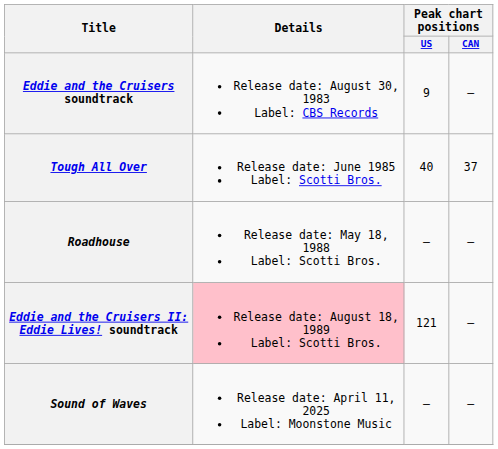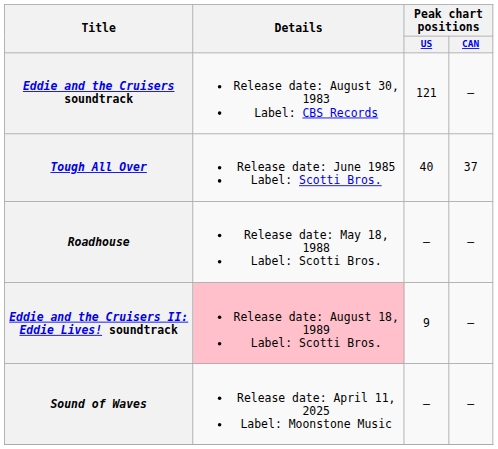 <table class="wikitable plainrowheaders" style="text-align:center;">
 <tr>
 <th rowspan="2" style="width:16em;">Title</th>
 <th rowspan="2" style="width:18em;">Details</th>
 <th colspan="2">Peak chart<br>positions</th>
 </tr>
 <tr style="font-size:smaller;">
 <th width="45"><a href='#'>US</a><br></th>
 <th width="45"><a href='#'>CAN</a><br></th>
 </tr>
 <tr>
 <th scope="row"><em><a href='#'>Eddie and the Cruisers</a></em> soundtrack</th>
 <td><br><ul><li>Release date: August 30, 1983</li><li>Label: <a href='#'>CBS Records</a></li></ul></td>
-<td>9</td>
+<td>121</td>
 <td>—</td>
 </tr>
 <tr>
 <th scope="row"><em><a href='#'>Tough All Over</a></em></th>
 <td><br><ul><li>Release date: June 1985</li><li>Label: <a href='#'>Scotti Bros.</a></li></ul></td>
 <td>40</td>
 <td>37</td>
 </tr>
 <tr>
 <th scope="row"><em>Roadhouse</em></th>
 <td><br><ul><li>Release date: May 18, 1988</li><li>Label: Scotti Bros.</li></ul></td>
 <td>—</td>
 <td>—</td>
 </tr>
 <tr>
 <th scope="row"><em><a href='#'>Eddie and the Cruisers II: Eddie Lives!</a></em> soundtrack</th>
 <td style="background: pink;"><br><ul><li>Release date: August 18, 1989</li><li>Label: Scotti Bros.</li></ul></td>
-<td>121</td>
+<td>9</td>
 <td>—</td>
 </tr>
 <tr>
 <th scope="row"><em>Sound of Waves</em></th>
 <td><br><ul><li>Release date: April 11, 2025</li><li>Label: Moonstone Music</li></ul></td>
 <td>—</td>
 <td>—</td>
 </tr>
 <tr>
 </tr>
 </table>
